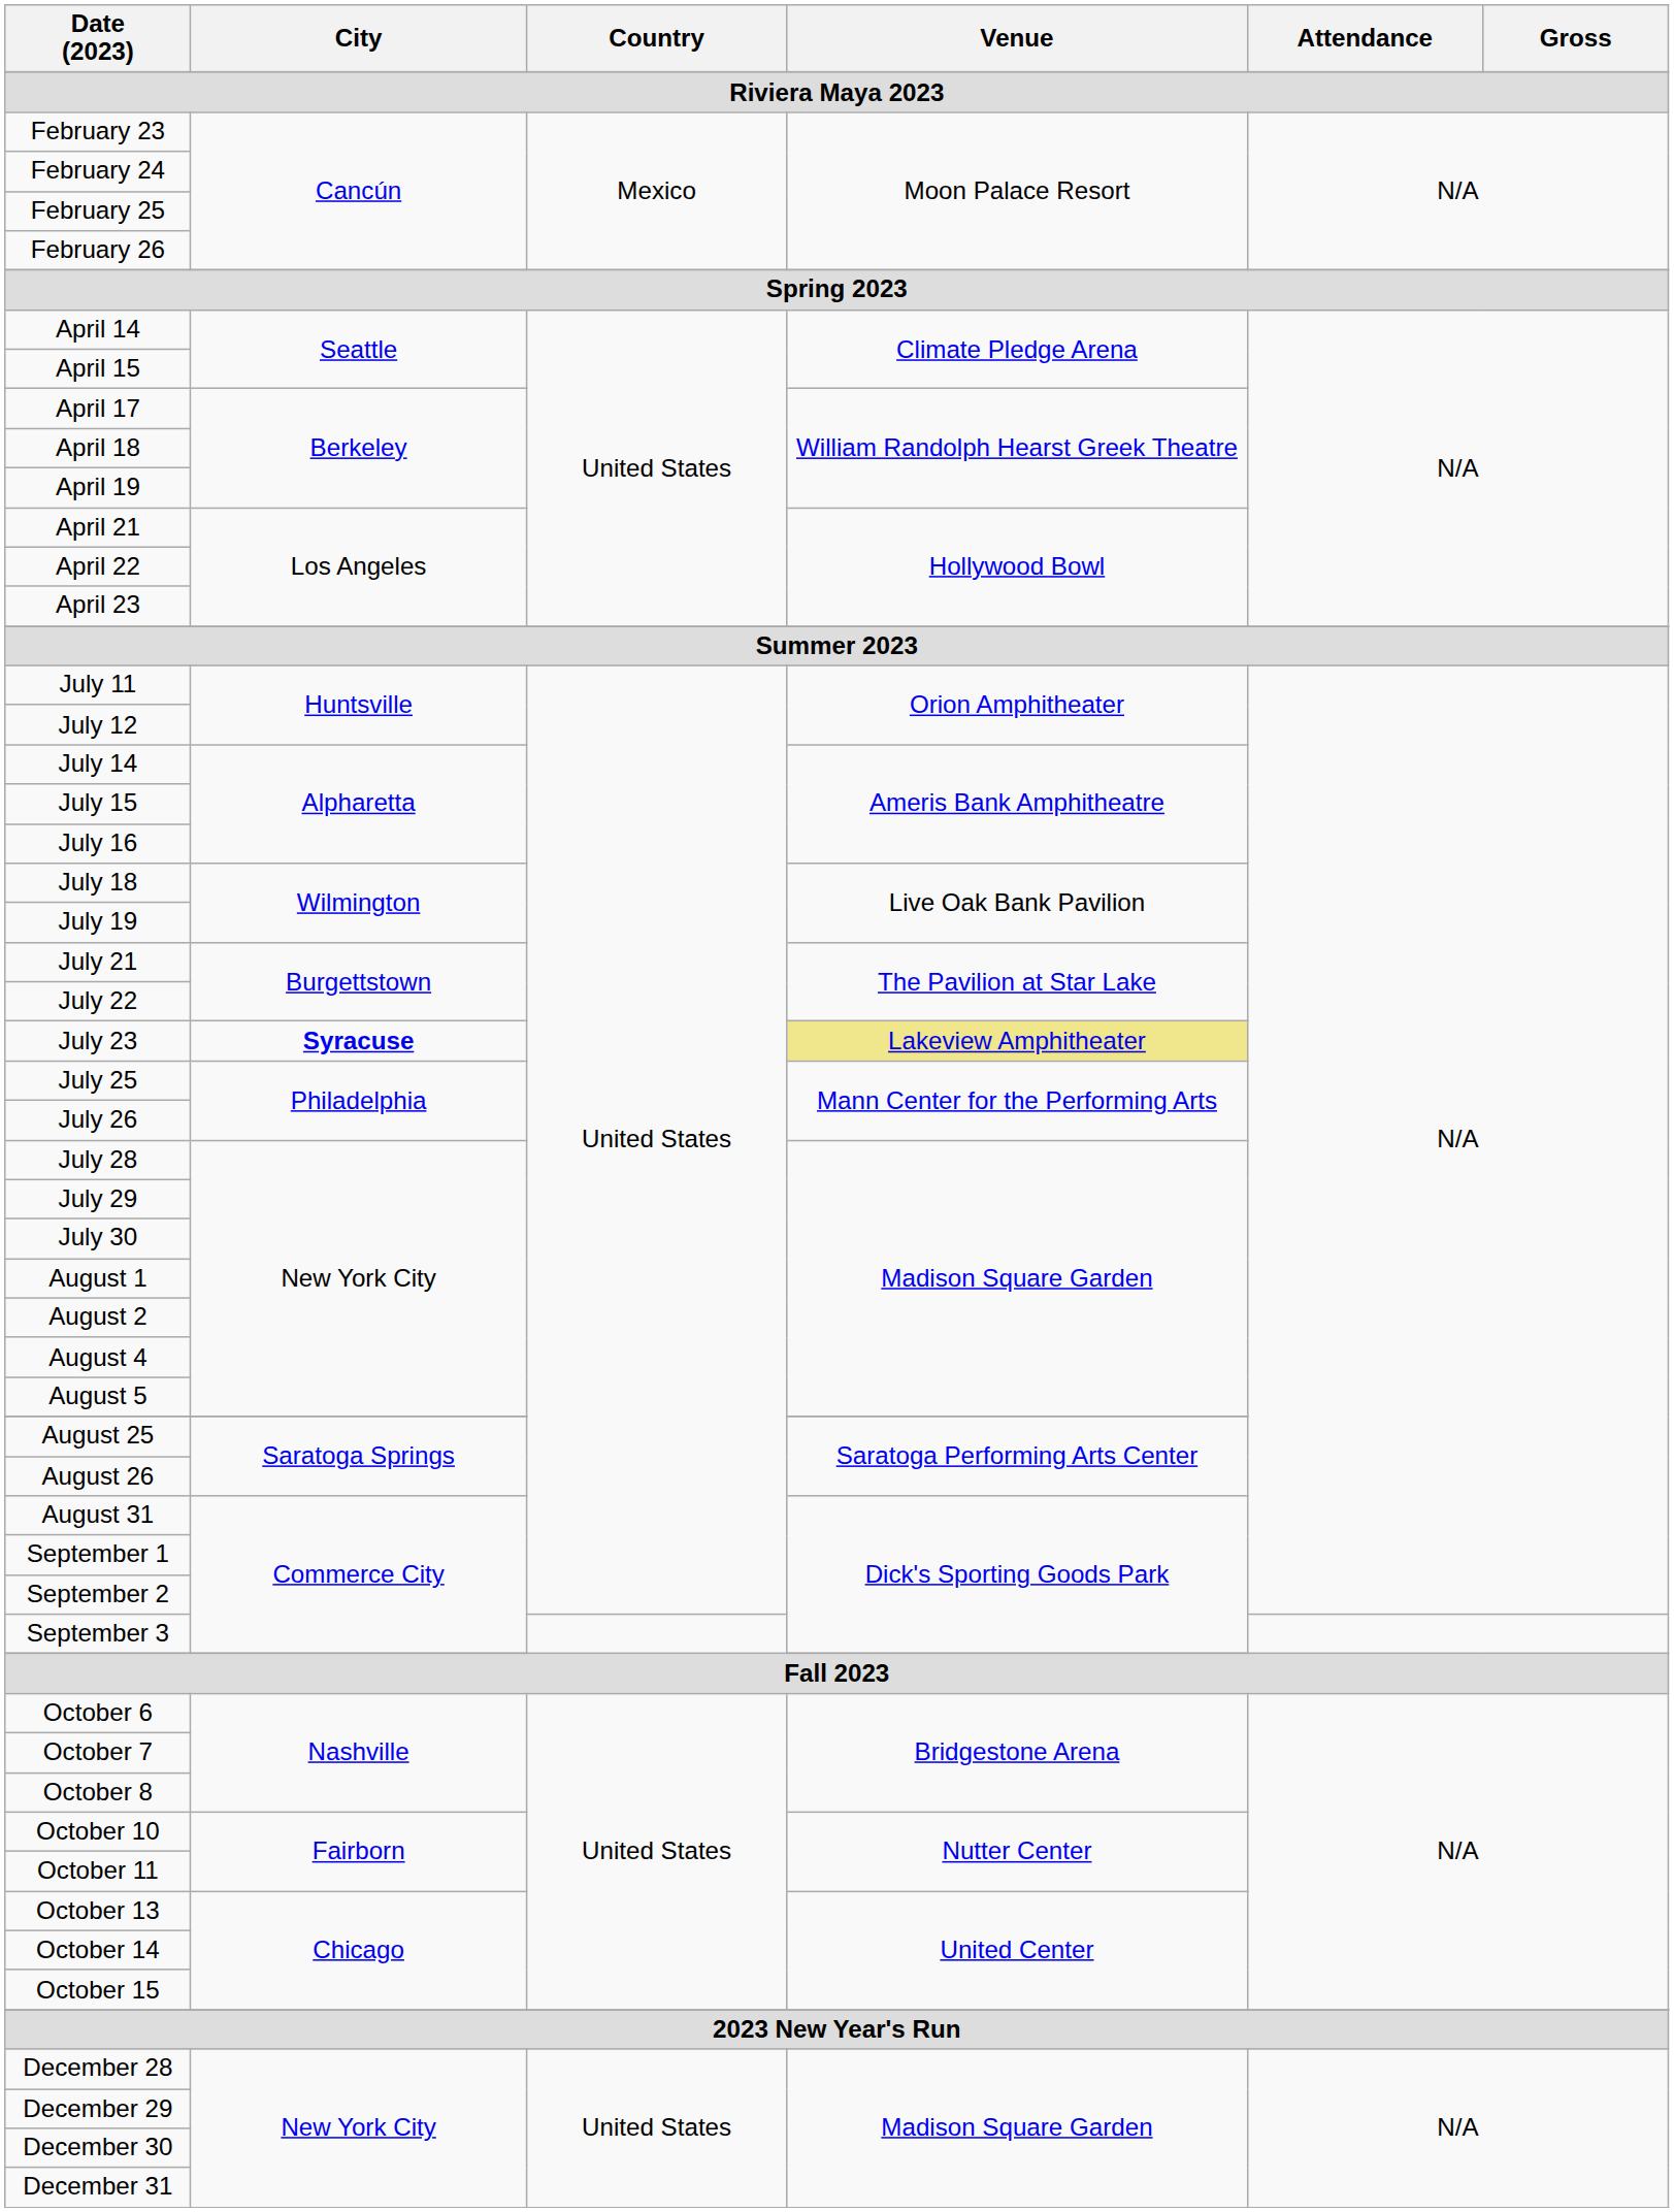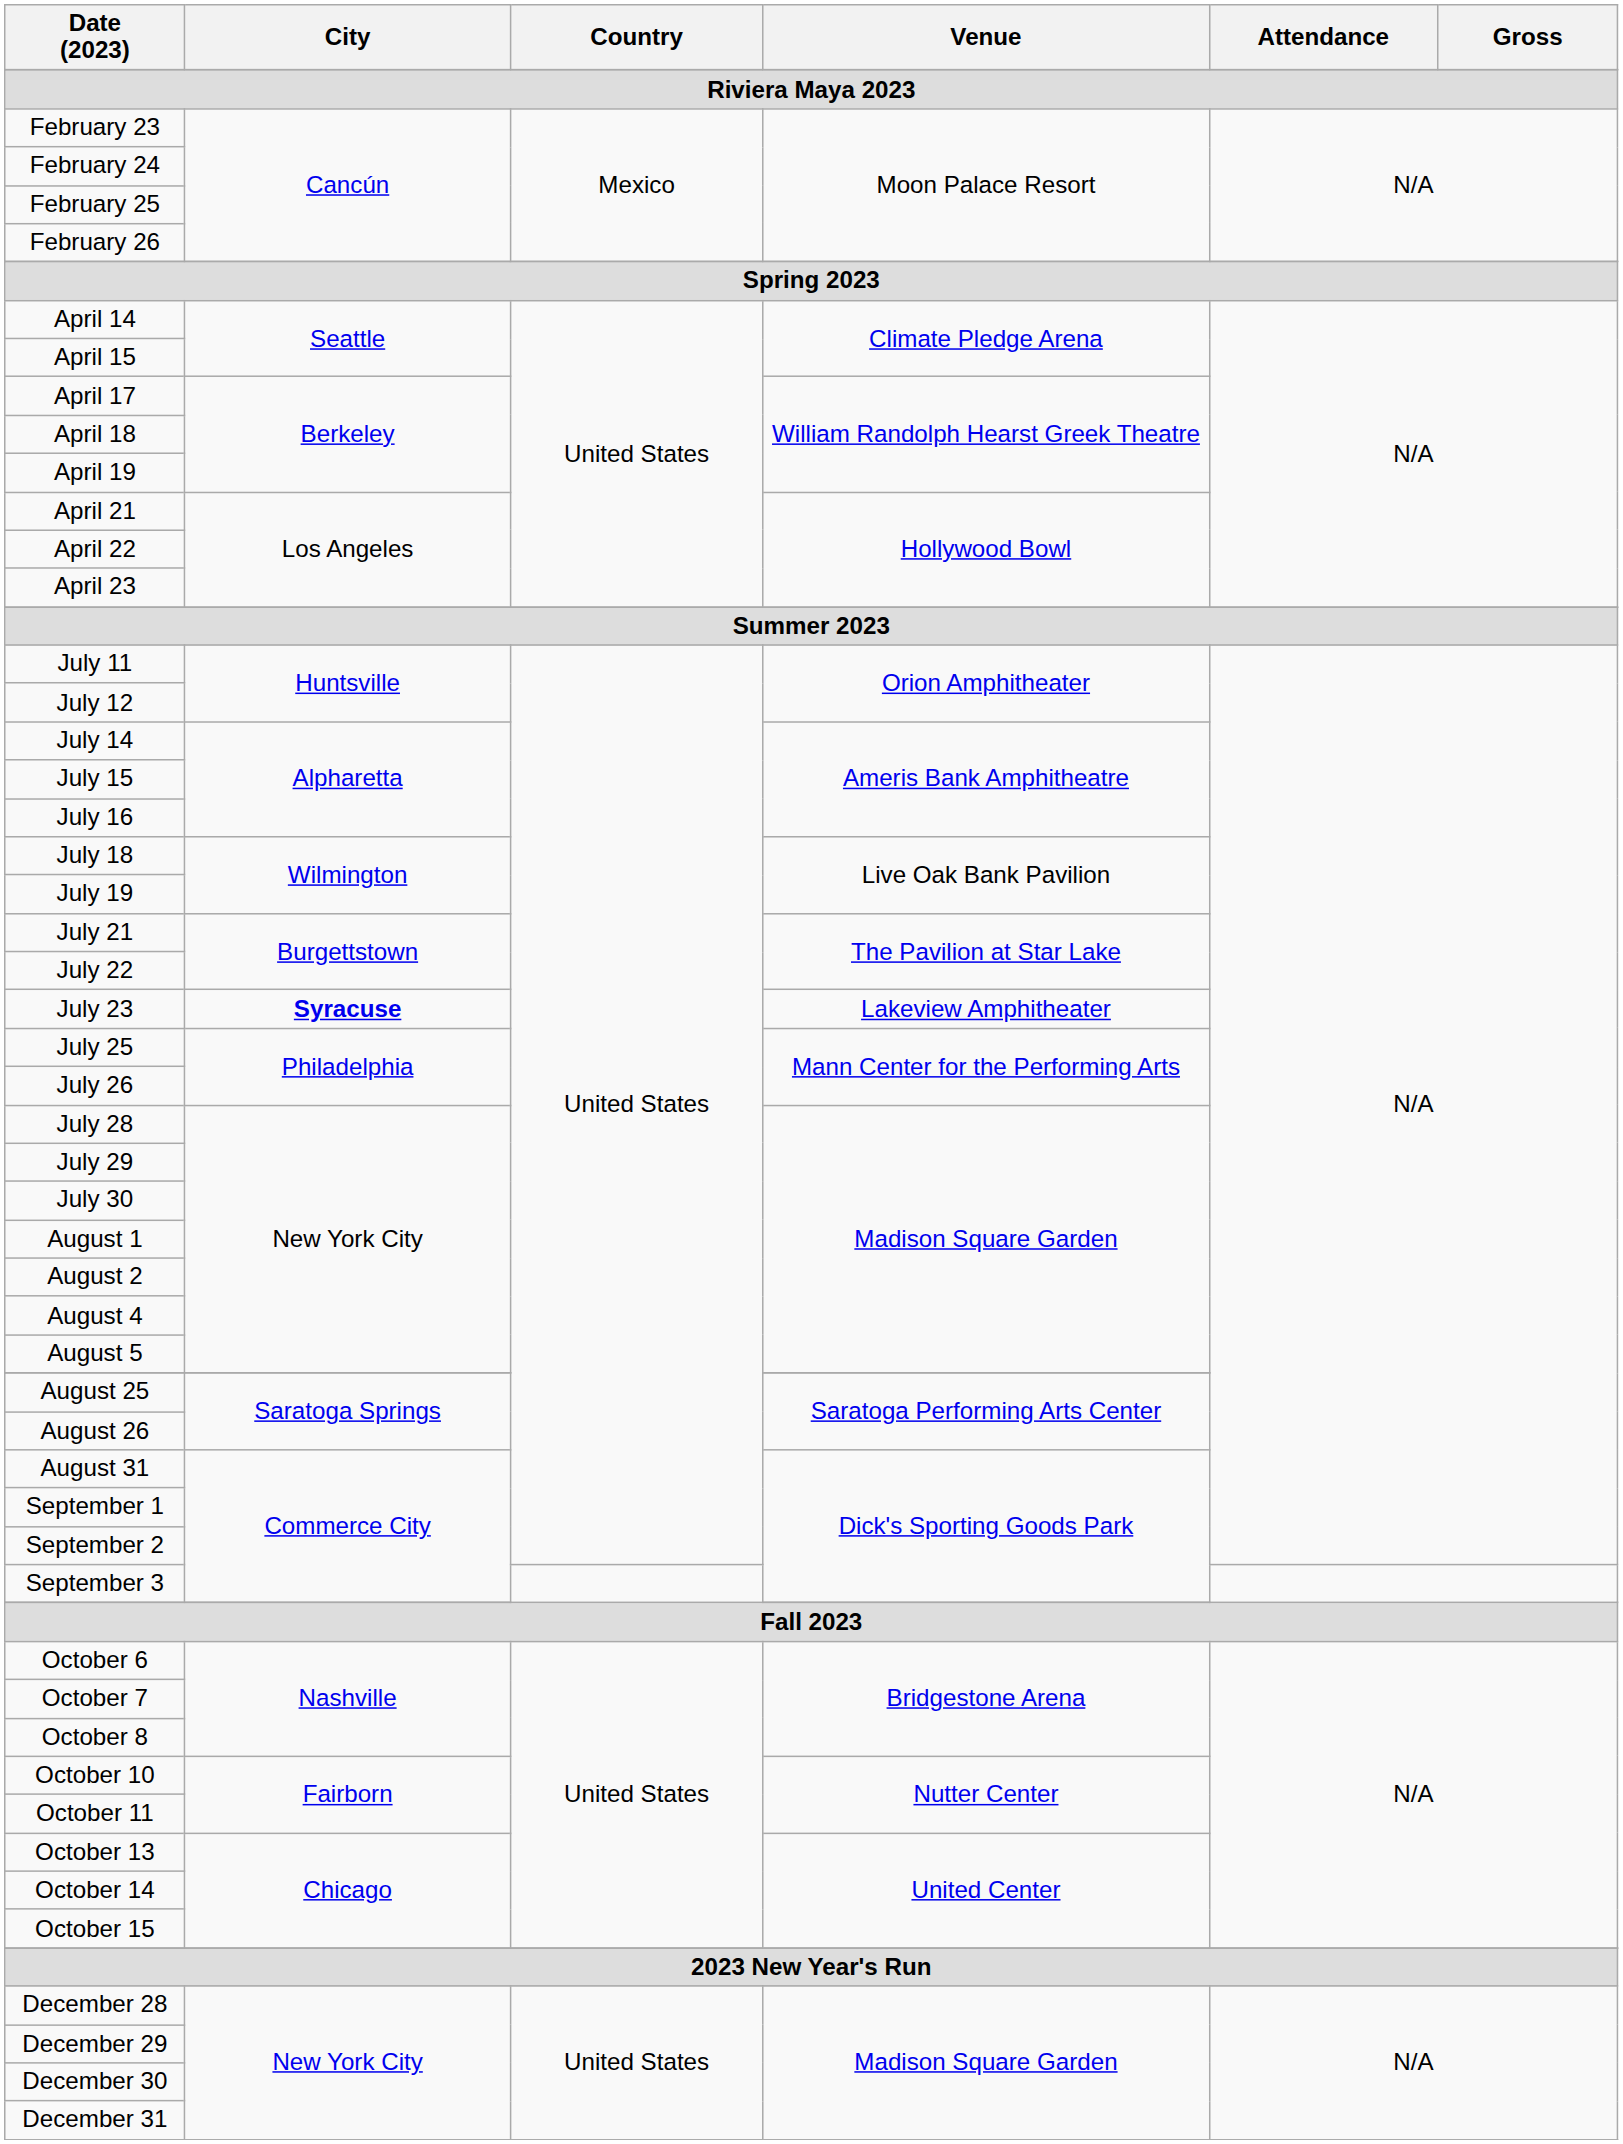 <table class="wikitable plainrowheaders" style="text-align:center;">
 <tr>
 <th scope="col" style="width:7em;">Date<br>(2023)</th>
 <th scope="col" style="width:13em;">City</th>
 <th scope="col" style="width:10em;">Country</th>
 <th scope="col" style="width:18em;">Venue</th>
 <th scope="col" style="width:9em;">Attendance</th>
 <th scope="col" style="width:7em;">Gross</th>
 </tr>
 <tr>
 </tr>
 <tr style="background:#ddd;">
 <td colspan="6" style="text-align:center;"><strong>Riviera Maya 2023</strong></td>
 </tr>
 <tr>
 <td>February 23</td>
 <td rowspan="4"><a href='#'>Cancún</a></td>
 <td rowspan="4">Mexico</td>
 <td rowspan="4">Moon Palace Resort</td>
 <td colspan="2" rowspan="4">N/A</td>
 </tr>
 <tr>
 <td>February 24</td>
 </tr>
 <tr>
 <td>February 25</td>
 </tr>
 <tr>
 <td>February 26</td>
 </tr>
 <tr>
 </tr>
 <tr style="background:#ddd;">
 <td colspan="6" style="text-align:center;"><strong>Spring 2023</strong></td>
 </tr>
 <tr>
 <td>April 14</td>
 <td rowspan="2"><a href='#'>Seattle</a></td>
 <td rowspan="8">United States</td>
 <td rowspan="2"><a href='#'>Climate Pledge Arena</a></td>
 <td colspan="2" rowspan="8">N/A</td>
 </tr>
 <tr>
 <td>April 15</td>
 </tr>
 <tr>
 <td>April 17</td>
 <td rowspan="3"><a href='#'>Berkeley</a></td>
 <td rowspan="3"><a href='#'>William Randolph Hearst Greek Theatre</a></td>
 </tr>
 <tr>
 <td>April 18</td>
 </tr>
 <tr>
 <td>April 19</td>
 </tr>
 <tr>
 <td>April 21</td>
 <td rowspan="3">Los Angeles</td>
 <td rowspan="3"><a href='#'>Hollywood Bowl</a></td>
 </tr>
 <tr>
 <td>April 22</td>
 </tr>
 <tr>
 <td>April 23</td>
 </tr>
 <tr>
 </tr>
 <tr style="background:#ddd;">
 <td colspan="6" style="text-align:center;"><strong>Summer 2023</strong></td>
 </tr>
 <tr>
 <td>July 11</td>
 <td rowspan="2"><a href='#'>Huntsville</a></td>
 <td rowspan="25">United States</td>
 <td rowspan="2"><a href='#'>Orion Amphitheater</a></td>
 <td colspan="2" rowspan="25">N/A</td>
 </tr>
 <tr>
 <td>July 12</td>
 </tr>
 <tr>
 <td>July 14</td>
 <td rowspan="3"><a href='#'>Alpharetta</a></td>
 <td rowspan="3"><a href='#'>Ameris Bank Amphitheatre</a></td>
 </tr>
 <tr>
 <td>July 15</td>
 </tr>
 <tr>
 <td>July 16</td>
 </tr>
 <tr>
 <td>July 18</td>
 <td rowspan="2"><a href='#'>Wilmington</a></td>
 <td rowspan="2">Live Oak Bank Pavilion</td>
 </tr>
 <tr>
 <td>July 19</td>
 </tr>
 <tr>
 <td>July 21</td>
 <td rowspan="2"><a href='#'>Burgettstown</a></td>
 <td rowspan="2"><a href='#'>The Pavilion at Star Lake</a></td>
 </tr>
 <tr>
 <td>July 22</td>
 </tr>
 <tr>
 <td>July 23</td>
 <td><strong><a href='#'>Syracuse</a></strong></td>
-<td style="background: khaki;"><a href='#'>Lakeview Amphitheater</a></td>
+<td><a href='#'>Lakeview Amphitheater</a></td>
 </tr>
 <tr>
 <td>July 25</td>
 <td rowspan="2"><a href='#'>Philadelphia</a></td>
 <td rowspan="2"><a href='#'>Mann Center for the Performing Arts</a></td>
 </tr>
 <tr>
 <td>July 26</td>
 </tr>
 <tr>
 <td>July 28</td>
 <td rowspan="7">New York City</td>
 <td rowspan="7"><a href='#'>Madison Square Garden</a></td>
 </tr>
 <tr>
 <td>July 29</td>
 </tr>
 <tr>
 <td>July 30</td>
 </tr>
 <tr>
 <td>August 1</td>
 </tr>
 <tr>
 <td>August 2</td>
 </tr>
 <tr>
 <td>August 4</td>
 </tr>
 <tr>
 <td>August 5</td>
 </tr>
 <tr>
 </tr>
 <tr>
 <td>August 25</td>
 <td rowspan="2"><a href='#'>Saratoga Springs</a></td>
 <td rowspan="2"><a href='#'>Saratoga Performing Arts Center</a></td>
 </tr>
 <tr>
 <td>August 26</td>
 </tr>
 <tr>
 <td>August 31</td>
 <td rowspan="4"><a href='#'>Commerce City</a></td>
 <td rowspan="4"><a href='#'>Dick's Sporting Goods Park</a></td>
 </tr>
 <tr>
 <td>September 1</td>
 </tr>
 <tr>
 <td>September 2</td>
 </tr>
 <tr>
 <td>September 3</td>
 </tr>
 <tr>
 </tr>
 <tr style="background:#ddd;">
 <td colspan="8" style="text-align:center;"><strong>Fall 2023</strong></td>
 </tr>
 <tr>
 <td>October 6</td>
 <td rowspan="3"><a href='#'>Nashville</a></td>
 <td rowspan="8">United States</td>
 <td rowspan="3"><a href='#'>Bridgestone Arena</a></td>
 <td colspan="3" rowspan="8">N/A</td>
 </tr>
 <tr>
 <td>October 7</td>
 </tr>
 <tr>
 <td>October 8</td>
 </tr>
 <tr>
 <td>October 10</td>
 <td rowspan="2"><a href='#'>Fairborn</a></td>
 <td rowspan="2"><a href='#'>Nutter Center</a></td>
 </tr>
 <tr>
 <td>October 11</td>
 </tr>
 <tr>
 <td>October 13</td>
 <td rowspan="3"><a href='#'>Chicago</a></td>
 <td rowspan="3"><a href='#'>United Center</a></td>
 </tr>
 <tr>
 <td>October 14</td>
 </tr>
 <tr>
 <td>October 15</td>
 </tr>
 <tr>
 </tr>
 <tr>
 </tr>
 <tr style="background:#ddd;">
 <td colspan="6" style="text-align:center;"><strong>2023 New Year's Run</strong></td>
 </tr>
 <tr>
 <td>December 28</td>
 <td rowspan="4"><a href='#'>New York City</a></td>
 <td rowspan="4">United States</td>
 <td rowspan="4"><a href='#'>Madison Square Garden</a></td>
 <td colspan="2" rowspan="4">N/A</td>
 </tr>
 <tr>
 <td>December 29</td>
 </tr>
 <tr>
 <td>December 30</td>
 </tr>
 <tr>
 <td>December 31</td>
 </tr>
 <tr>
 </tr>
 </table>
